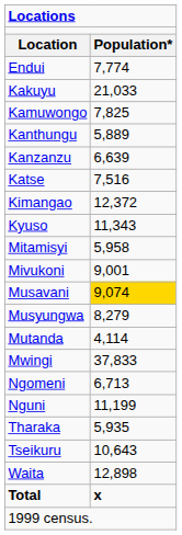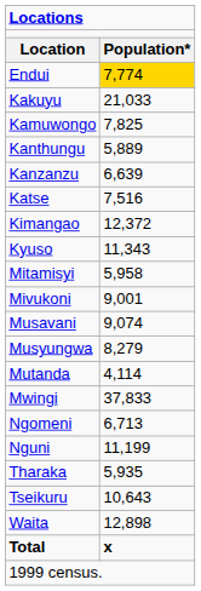 <table class="wikitable">
 <tr>
 <td colspan="2"><strong><a href='#'>Locations</a></strong></td>
 </tr>
 <tr>
 <td colspan="2"></td>
 </tr>
 <tr>
 <th>Location</th>
 <th>Population*</th>
 </tr>
 <tr>
 <td><a href='#'>Endui</a></td>
-<td>7,774</td>
+<td style="background: gold;">7,774</td>
 </tr>
 <tr>
 <td><a href='#'>Kakuyu</a></td>
 <td>21,033</td>
 </tr>
 <tr>
 <td><a href='#'>Kamuwongo</a></td>
 <td>7,825</td>
 </tr>
 <tr>
 <td><a href='#'>Kanthungu</a></td>
 <td>5,889</td>
 </tr>
 <tr>
 <td><a href='#'>Kanzanzu</a></td>
 <td>6,639</td>
 </tr>
 <tr>
 <td><a href='#'>Katse</a></td>
 <td>7,516</td>
 </tr>
 <tr>
 <td><a href='#'>Kimangao</a></td>
 <td>12,372</td>
 </tr>
 <tr>
 <td><a href='#'>Kyuso</a></td>
 <td>11,343</td>
 </tr>
 <tr>
 <td><a href='#'>Mitamisyi</a></td>
 <td>5,958</td>
 </tr>
 <tr>
 <td><a href='#'>Mivukoni</a></td>
 <td>9,001</td>
 </tr>
 <tr>
 <td><a href='#'>Musavani</a></td>
-<td style="background: gold;">9,074</td>
+<td>9,074</td>
 </tr>
 <tr>
 <td><a href='#'>Musyungwa</a></td>
 <td>8,279</td>
 </tr>
 <tr>
 <td><a href='#'>Mutanda</a></td>
 <td>4,114</td>
 </tr>
 <tr>
 <td><a href='#'>Mwingi</a></td>
 <td>37,833</td>
 </tr>
 <tr>
 <td><a href='#'>Ngomeni</a></td>
 <td>6,713</td>
 </tr>
 <tr>
 <td><a href='#'>Nguni</a></td>
 <td>11,199</td>
 </tr>
 <tr>
 <td><a href='#'>Tharaka</a></td>
 <td>5,935</td>
 </tr>
 <tr>
 <td><a href='#'>Tseikuru</a></td>
 <td>10,643</td>
 </tr>
 <tr>
 <td><a href='#'>Waita</a></td>
 <td>12,898</td>
 </tr>
 <tr>
 <td><strong>Total</strong></td>
 <td><strong>x</strong></td>
 </tr>
 <tr>
 <td colspan="2">1999 census.</td>
 </tr>
 </table>
